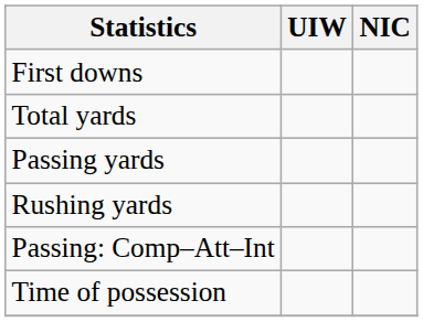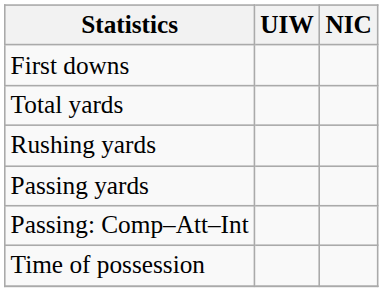 <table class="wikitable" style="float: left;">
 <tr>
 <th>Statistics</th>
 <th>UIW</th>
 <th>NIC</th>
 </tr>
 <tr>
 <td>First downs</td>
 <td></td>
 <td></td>
 </tr>
 <tr>
 <td>Total yards</td>
 <td></td>
 <td></td>
 </tr>
 <tr>
-<td>Passing yards</td>
+<td>Rushing yards</td>
 <td></td>
 <td></td>
 </tr>
 <tr>
-<td>Rushing yards</td>
+<td>Passing yards</td>
 <td></td>
 <td></td>
 </tr>
 <tr>
 <td>Passing: Comp–Att–Int</td>
 <td></td>
 <td></td>
 </tr>
 <tr>
 <td>Time of possession</td>
 <td></td>
 <td></td>
 </tr>
 <tr>
 </tr>
 </table>
